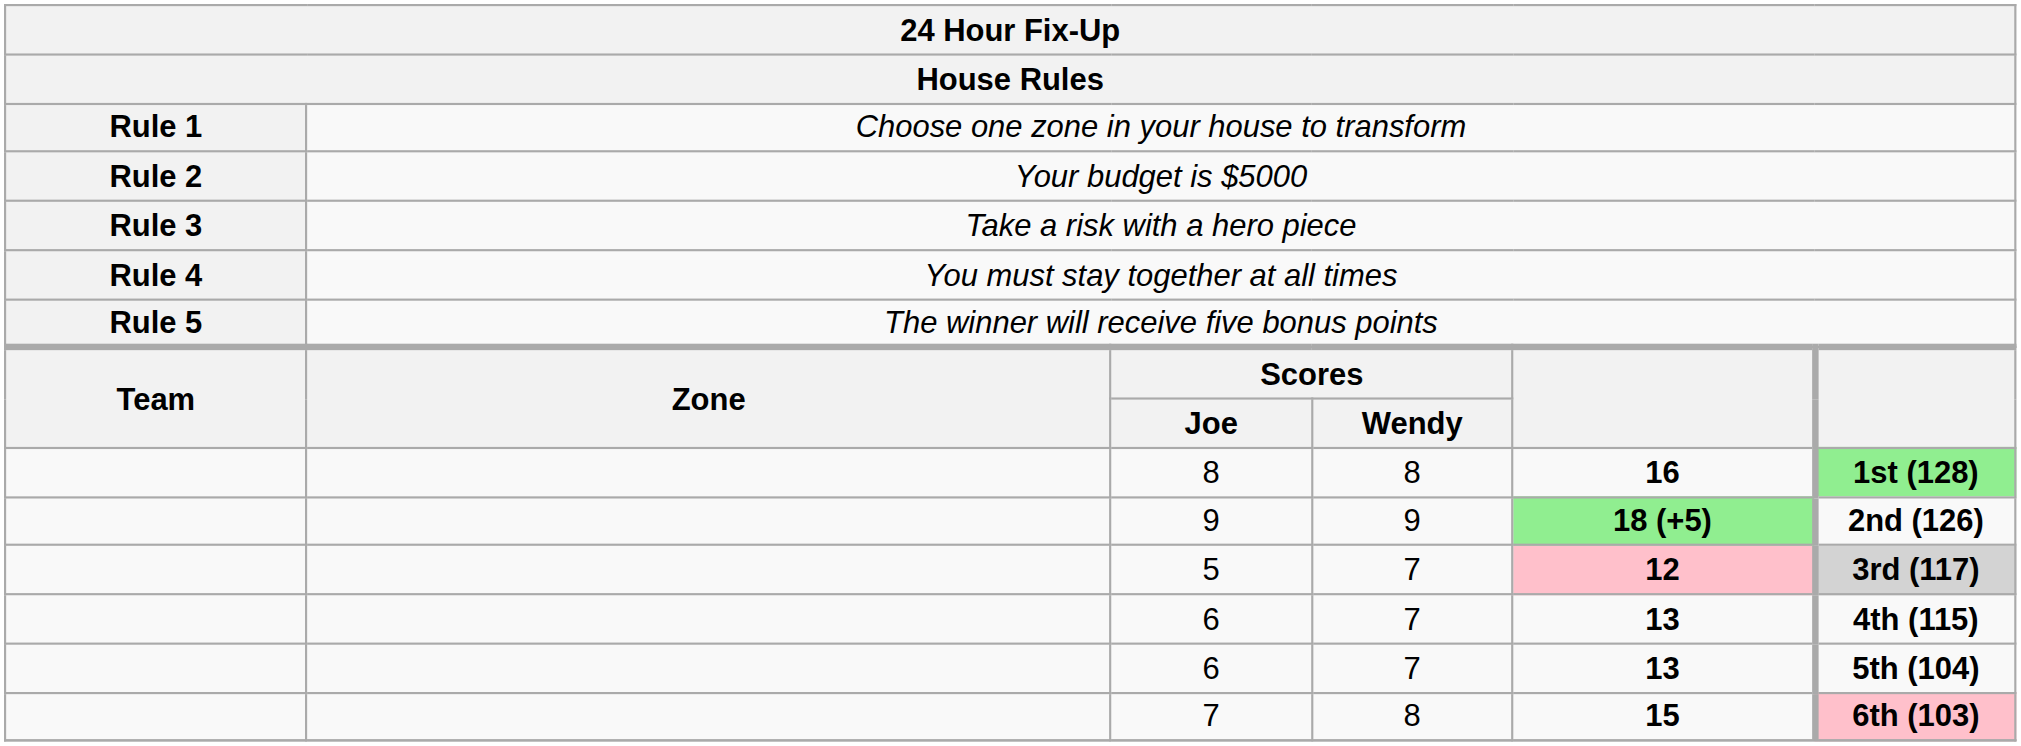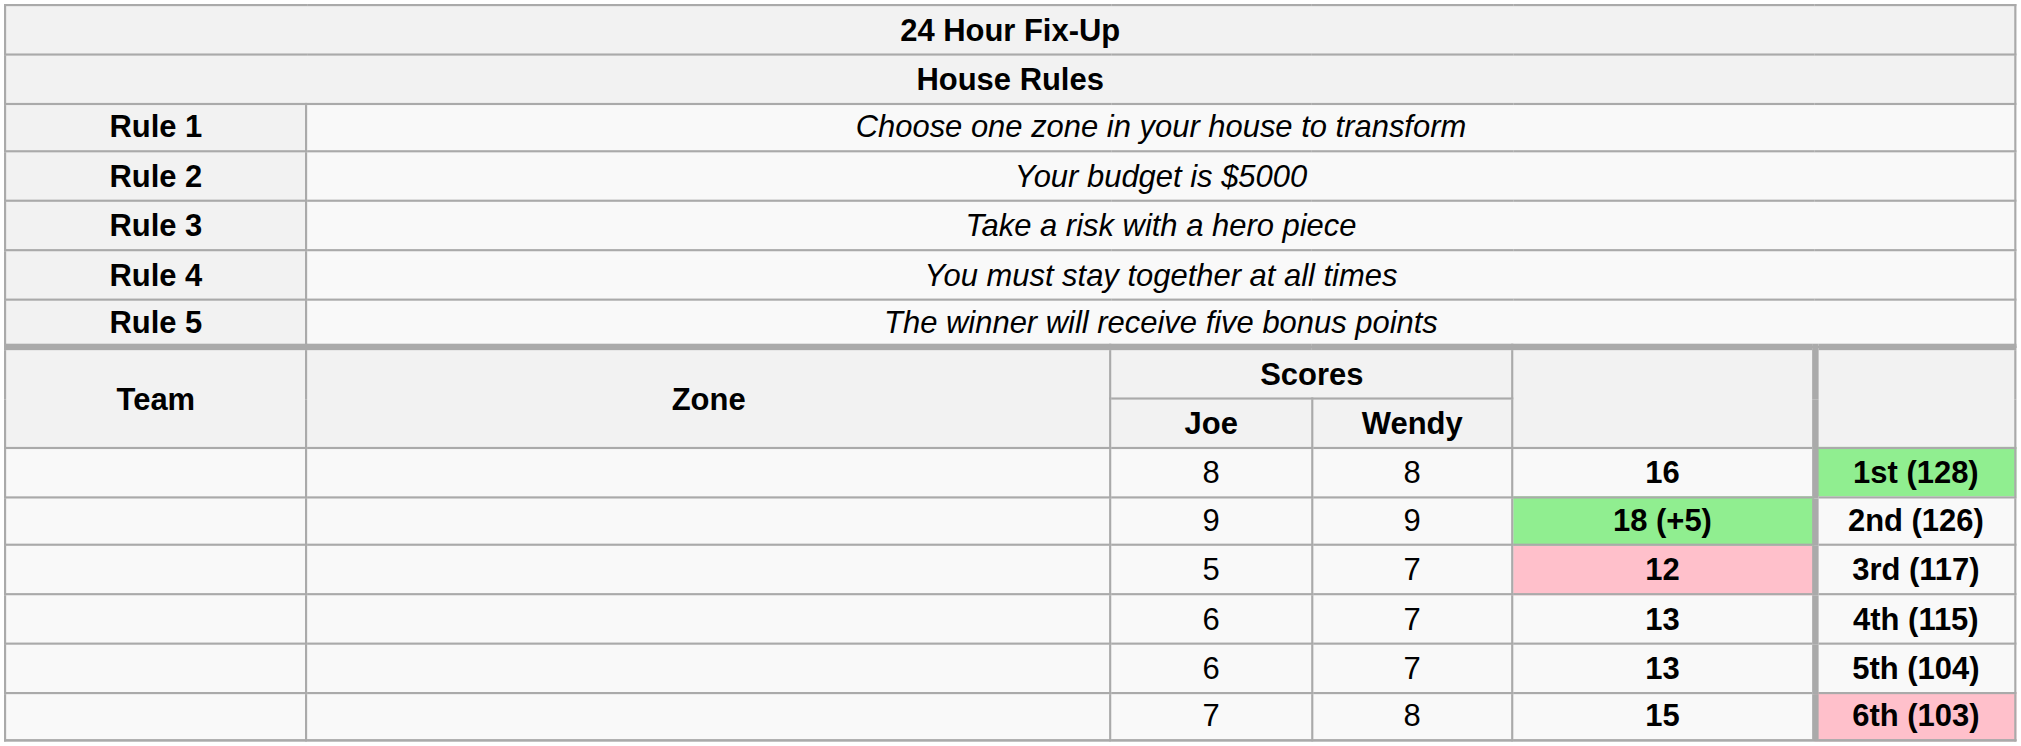 <table class="wikitable plainrowheaders" style="text-align:center; font-size:90%; width:65em;">
 <tr>
 <th colspan="8" >24 Hour Fix-Up</th>
 </tr>
 <tr>
 <th colspan="7">House Rules</th>
 </tr>
 <tr>
 <th>Rule 1</th>
 <td colspan="6"><em>Choose one zone in your house to transform</em></td>
 </tr>
 <tr>
 <th>Rule 2</th>
 <td colspan="6"><em>Your budget is $5000</em></td>
 </tr>
 <tr>
 <th>Rule 3</th>
 <td colspan="6"><em>Take a risk with a hero piece </em></td>
 </tr>
 <tr>
 <th>Rule 4</th>
 <td colspan="6"><em>You must stay together at all times</em></td>
 </tr>
 <tr>
 <th>Rule 5</th>
 <td colspan="6"><em>The winner will receive five bonus points</em></td>
 </tr>
 <tr>
 </tr>
 <tr style="border-top:3px solid #aaa;">
 <th rowspan="2">Team</th>
 <th rowspan="2" style="width:40%;">Zone</th>
 <th colspan="2" style="width:30%;">Scores</th>
 <th rowspan="2" style="width:15%;"></th>
 <th rowspan="2" style="width:15%; border-left:3px solid #aaa;"></th>
 </tr>
 <tr>
 <th style="width:10%;">Joe</th>
 <th style="width:10%;">Wendy</th>
 </tr>
 <tr>
 <td style="width:15%;"></td>
 <td></td>
 <td>8</td>
 <td>8</td>
 <td><strong>16</strong></td>
 <td style="border-left:3px solid #aaa;" bgcolor="lightgreen"><strong>1st (128)</strong></td>
 </tr>
 <tr>
 <td style="width:15%;"></td>
 <td></td>
 <td>9</td>
 <td>9</td>
 <td bgcolor="lightgreen"><strong>18 (+5)</strong></td>
 <td style="border-left:3px solid #aaa;"><strong>2nd (126)</strong></td>
 </tr>
 <tr>
 <td style="width:15%;"></td>
 <td></td>
 <td>5</td>
 <td>7</td>
 <td bgcolor="pink"><strong>12</strong></td>
-<td style="background: lightgrey; border-left:3px solid #aaa;"><strong>3rd (117)</strong></td>
+<td style="border-left:3px solid #aaa;"><strong>3rd (117)</strong></td>
 </tr>
 <tr>
 <td style="width:15%;"></td>
 <td></td>
 <td>6</td>
 <td>7</td>
 <td><strong>13</strong></td>
 <td style="border-left:3px solid #aaa;"><strong>4th (115)</strong></td>
 </tr>
 <tr>
 <td style="width:15%;"></td>
 <td></td>
 <td>6</td>
 <td>7</td>
 <td><strong>13</strong></td>
 <td style="border-left:3px solid #aaa;"><strong>5th (104)</strong></td>
 </tr>
 <tr>
 <td style="width:15%;"></td>
 <td></td>
 <td>7</td>
 <td>8</td>
 <td><strong>15</strong></td>
 <td style="border-left:3px solid #aaa;" bgcolor="pink"><strong>6th (103)</strong></td>
 </tr>
 <tr>
 </tr>
 </table>
